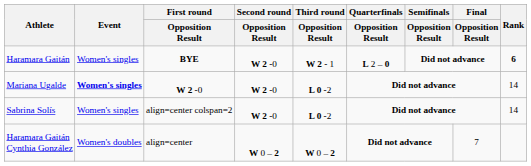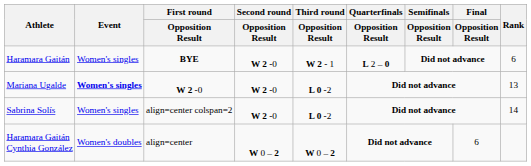 <table class="wikitable" style="font-size:90%">
 <tr>
 <th rowspan="2">Athlete</th>
 <th rowspan="2">Event</th>
 <th>First round</th>
 <th>Second round</th>
 <th>Third round</th>
 <th>Quarterfinals</th>
 <th>Semifinals</th>
 <th>Final</th>
 <th rowspan="2">Rank</th>
 </tr>
 <tr>
 <th>Opposition<br>Result</th>
 <th>Opposition<br>Result</th>
 <th>Opposition<br>Result</th>
 <th>Opposition<br>Result</th>
 <th>Opposition<br>Result</th>
 <th>Opposition<br>Result</th>
 </tr>
 <tr>
 <td><a href='#'>Haramara Gaitán</a></td>
 <td><a href='#'>Women's singles</a></td>
 <td align=center><strong>BYE</strong></td>
 <td align=center><br> <strong>W 2 -</strong>0</td>
 <td align=center><br> <strong>W 2 -</strong> 1</td>
 <td align=center><br> <strong>L</strong> 2 – <strong>0</strong></td>
 <td align=center colspan=2><strong>Did not advance</strong></td>
-<td align=center><strong>6</strong></td>
+<td align=center>6</td>
 </tr>
 <tr>
 <td><a href='#'>Mariana Ugalde</a></td>
 <td><strong><a href='#'>Women's singles</a></strong></td>
 <td align=center><br> <strong>W 2 -</strong>0</td>
 <td align=center><br> <strong>W 2 -</strong>0</td>
 <td align=center><br> <strong>L 0 -</strong>2</td>
 <td align=center colspan=3><strong>Did not advance</strong></td>
-<td align=center>14</td>
+<td align=center>13</td>
 </tr>
 <tr>
 <td><a href='#'>Sabrina Solís</a></td>
 <td><a href='#'>Women's singles</a></td>
 <td>align=center colspan=2 </td>
 <td align=center><br> <strong>W 2 -</strong>0</td>
 <td align=center><br> <strong>L 0 -</strong>2</td>
 <td align=center colspan=3><strong>Did not advance</strong></td>
 <td align=center>14</td>
 </tr>
 <tr>
 <td><a href='#'>Haramara Gaitán</a><br><a href='#'>Cynthia González</a></td>
 <td><a href='#'>Women's doubles</a></td>
 <td>align=center </td>
 <td align=center><br><br> <strong>W </strong> 0 – <strong>2</strong></td>
 <td align=center><br><br> <strong>W </strong> 0 – <strong>2</strong></td>
 <td align=center colspan=2><strong>Did not advance</strong></td>
-<td align=center>7</td>
+<td align=center>6</td>
 </tr>
 </table>
